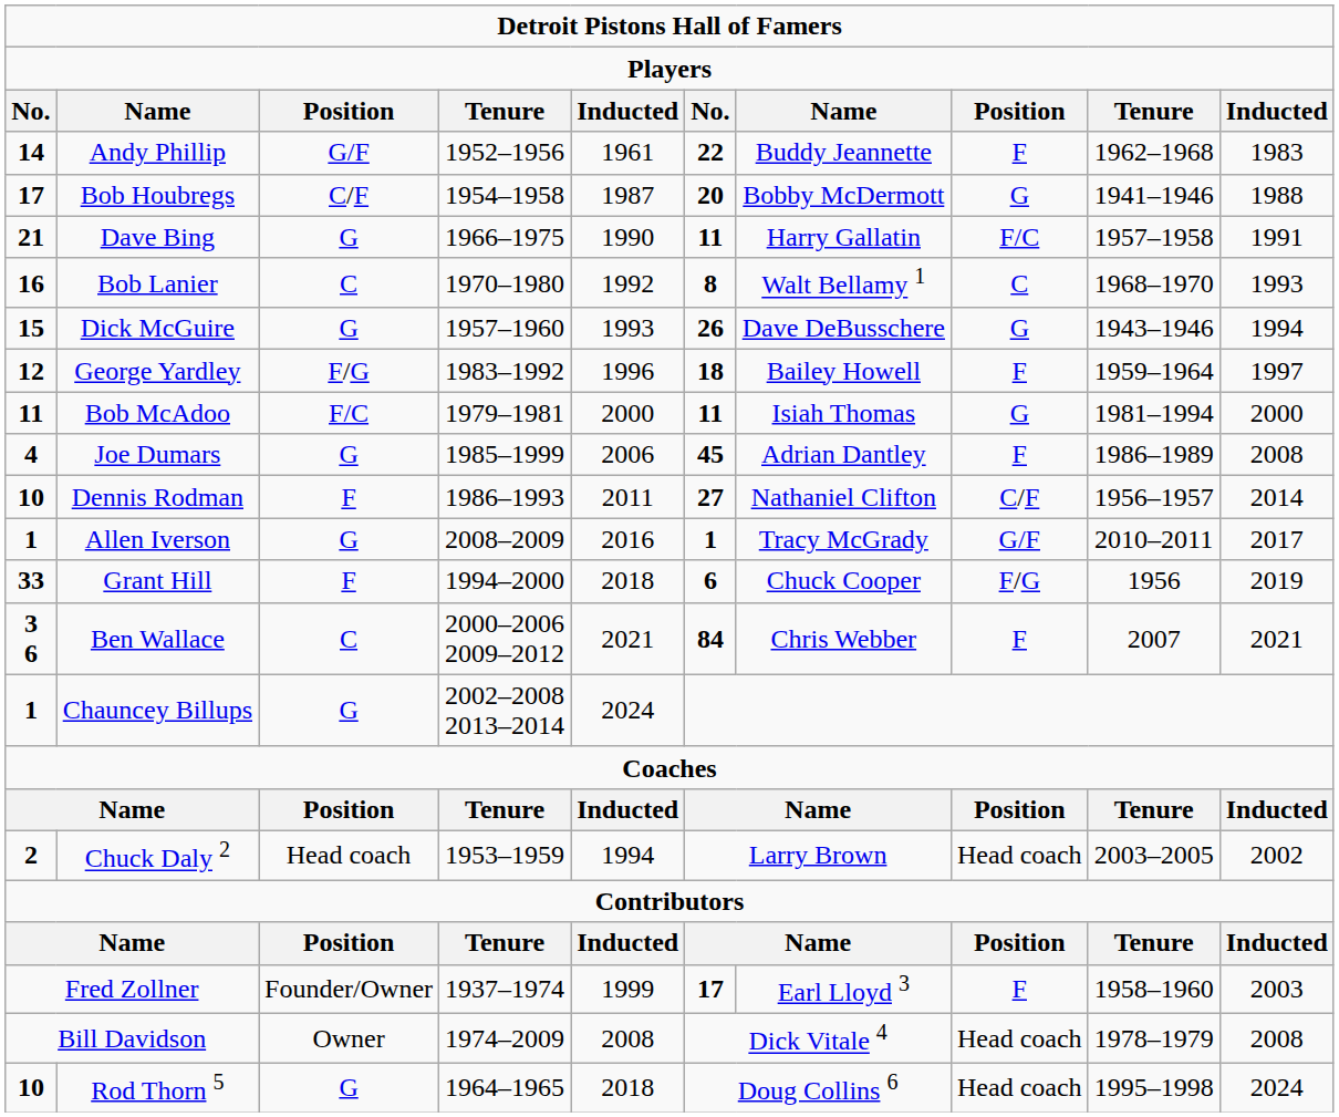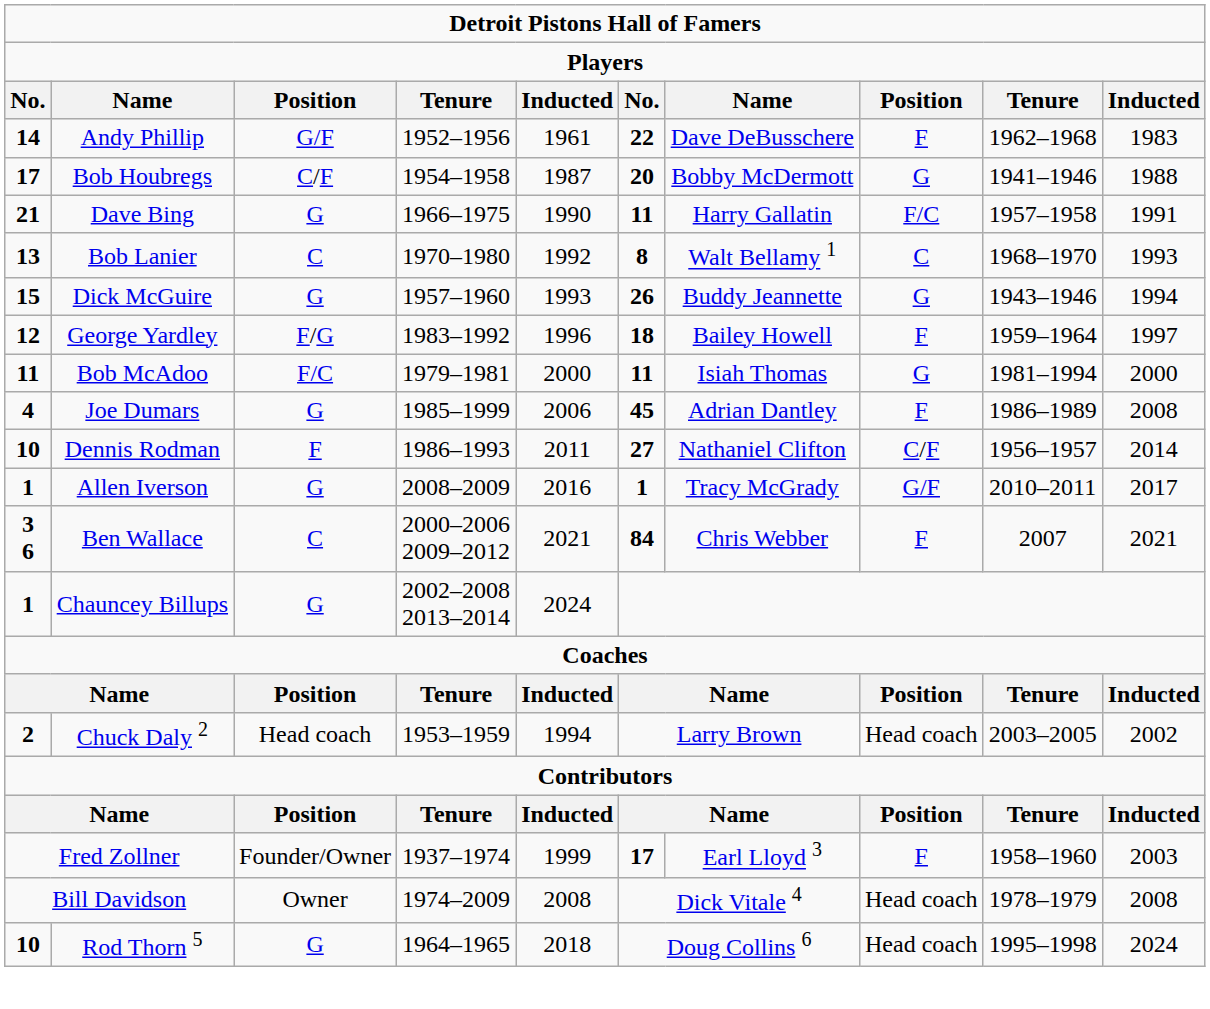 <table class="wikitable" style="text-align:center">
 <tr>
 <td colspan="10"><strong>Detroit Pistons Hall of Famers</strong></td>
 </tr>
 <tr>
 <td colspan="10"><strong>Players</strong></td>
 </tr>
 <tr>
 <th>No.</th>
 <th>Name</th>
 <th>Position</th>
 <th>Tenure</th>
 <th>Inducted</th>
 <th>No.</th>
 <th>Name</th>
 <th>Position</th>
 <th>Tenure</th>
 <th>Inducted</th>
 </tr>
 <tr>
 <td><strong>14</strong></td>
 <td><a href='#'>Andy Phillip</a></td>
 <td><a href='#'>G/F</a></td>
 <td>1952–1956</td>
 <td>1961</td>
 <td><strong>22</strong></td>
-<td><a href='#'>Buddy Jeannette</a></td>
+<td><a href='#'>Dave DeBusschere</a></td>
 <td><a href='#'>F</a></td>
 <td>1962–1968</td>
 <td>1983</td>
 </tr>
 <tr>
 <td><strong>17</strong></td>
 <td><a href='#'>Bob Houbregs</a></td>
 <td><a href='#'>C</a>/<a href='#'>F</a></td>
 <td>1954–1958</td>
 <td>1987</td>
 <td><strong>20</strong></td>
 <td><a href='#'>Bobby McDermott</a></td>
 <td><a href='#'>G</a></td>
 <td>1941–1946</td>
 <td>1988</td>
 </tr>
 <tr>
 <td><strong>21</strong></td>
 <td><a href='#'>Dave Bing</a></td>
 <td><a href='#'>G</a></td>
 <td>1966–1975</td>
 <td>1990</td>
 <td><strong>11</strong></td>
 <td><a href='#'>Harry Gallatin</a></td>
 <td><a href='#'>F/C</a></td>
 <td>1957–1958</td>
 <td>1991</td>
 </tr>
 <tr>
-<td><strong>16</strong></td>
+<td><strong>13</strong></td>
 <td><a href='#'>Bob Lanier</a></td>
 <td><a href='#'>C</a></td>
 <td>1970–1980</td>
 <td>1992</td>
 <td><strong>8</strong></td>
 <td><a href='#'>Walt Bellamy</a> <sup>1</sup></td>
 <td><a href='#'>C</a></td>
 <td>1968–1970</td>
 <td>1993</td>
 </tr>
 <tr>
 <td><strong>15</strong></td>
 <td><a href='#'>Dick McGuire</a></td>
 <td><a href='#'>G</a></td>
 <td>1957–1960</td>
 <td>1993</td>
 <td><strong>26</strong></td>
-<td><a href='#'>Dave DeBusschere</a></td>
+<td><a href='#'>Buddy Jeannette</a></td>
 <td><a href='#'>G</a></td>
 <td>1943–1946</td>
 <td>1994</td>
 </tr>
 <tr>
 <td><strong>12</strong></td>
 <td><a href='#'>George Yardley</a></td>
 <td><a href='#'>F</a>/<a href='#'>G</a></td>
 <td>1983–1992</td>
 <td>1996</td>
 <td><strong>18</strong></td>
 <td><a href='#'>Bailey Howell</a></td>
 <td><a href='#'>F</a></td>
 <td>1959–1964</td>
 <td>1997</td>
 </tr>
 <tr>
 <td><strong>11</strong></td>
 <td><a href='#'>Bob McAdoo</a></td>
 <td><a href='#'>F/C</a></td>
 <td>1979–1981</td>
 <td>2000</td>
 <td><strong>11</strong></td>
 <td><a href='#'>Isiah Thomas</a></td>
 <td><a href='#'>G</a></td>
 <td>1981–1994</td>
 <td>2000</td>
 </tr>
 <tr>
 <td><strong>4</strong></td>
 <td><a href='#'>Joe Dumars</a></td>
 <td><a href='#'>G</a></td>
 <td>1985–1999</td>
 <td>2006</td>
 <td><strong>45</strong></td>
 <td><a href='#'>Adrian Dantley</a></td>
 <td><a href='#'>F</a></td>
 <td>1986–1989</td>
 <td>2008</td>
 </tr>
 <tr>
 <td><strong>10</strong></td>
 <td><a href='#'>Dennis Rodman</a></td>
 <td><a href='#'>F</a></td>
 <td>1986–1993</td>
 <td>2011</td>
 <td><strong>27</strong></td>
 <td><a href='#'>Nathaniel Clifton</a></td>
 <td><a href='#'>C</a>/<a href='#'>F</a></td>
 <td>1956–1957</td>
 <td>2014</td>
 </tr>
 <tr>
 <td><strong>1</strong></td>
 <td><a href='#'>Allen Iverson</a></td>
 <td><a href='#'>G</a></td>
 <td>2008–2009</td>
 <td>2016</td>
 <td><strong>1</strong></td>
 <td><a href='#'>Tracy McGrady</a></td>
 <td><a href='#'>G/F</a></td>
 <td>2010–2011</td>
 <td>2017</td>
-</tr>
-<tr>
-<td><strong>33</strong></td>
-<td><a href='#'>Grant Hill</a></td>
-<td><a href='#'>F</a></td>
-<td>1994–2000</td>
-<td>2018</td>
-<td><strong>6</strong></td>
-<td><a href='#'>Chuck Cooper</a></td>
-<td><a href='#'>F</a>/<a href='#'>G</a></td>
-<td>1956</td>
-<td>2019</td>
 </tr>
 <tr>
 <td><strong>3</strong><br><strong>6</strong></td>
 <td><a href='#'>Ben Wallace</a></td>
 <td><a href='#'>C</a></td>
 <td>2000–2006<br>2009–2012</td>
 <td>2021</td>
 <td><strong>84</strong></td>
 <td><a href='#'>Chris Webber</a></td>
 <td><a href='#'>F</a></td>
 <td>2007</td>
 <td>2021</td>
 </tr>
 <tr>
 <td><strong>1</strong></td>
 <td><a href='#'>Chauncey Billups</a></td>
 <td><a href='#'>G</a></td>
 <td>2002–2008<br>2013–2014</td>
 <td>2024</td>
 </tr>
 <tr>
 <td colspan="10"><strong>Coaches</strong></td>
 </tr>
 <tr>
 <th colspan="2">Name</th>
 <th>Position</th>
 <th>Tenure</th>
 <th>Inducted</th>
 <th colspan="2">Name</th>
 <th>Position</th>
 <th>Tenure</th>
 <th>Inducted</th>
 </tr>
 <tr>
 <td><strong>2</strong></td>
 <td><a href='#'>Chuck Daly</a> <sup>2</sup></td>
 <td>Head coach</td>
 <td>1953–1959</td>
 <td>1994</td>
 <td colspan="2"><a href='#'>Larry Brown</a></td>
 <td>Head coach</td>
 <td>2003–2005</td>
 <td>2002</td>
 </tr>
 <tr>
 <td colspan="10"><strong>Contributors</strong></td>
 </tr>
 <tr>
 <th colspan="2">Name</th>
 <th>Position</th>
 <th>Tenure</th>
 <th>Inducted</th>
 <th colspan="2">Name</th>
 <th>Position</th>
 <th>Tenure</th>
 <th>Inducted</th>
 </tr>
 <tr>
 <td colspan="2"><a href='#'>Fred Zollner</a></td>
 <td>Founder/Owner</td>
 <td>1937–1974</td>
 <td>1999</td>
 <td><strong>17</strong></td>
 <td><a href='#'>Earl Lloyd</a> <sup>3</sup></td>
 <td><a href='#'>F</a></td>
 <td>1958–1960</td>
 <td>2003</td>
 </tr>
 <tr>
 <td colspan="2"><a href='#'>Bill Davidson</a></td>
 <td>Owner</td>
 <td>1974–2009</td>
 <td>2008</td>
 <td colspan="2"><a href='#'>Dick Vitale</a> <sup>4</sup></td>
 <td>Head coach</td>
 <td>1978–1979</td>
 <td>2008</td>
 </tr>
 <tr>
 <td><strong>10</strong></td>
 <td><a href='#'>Rod Thorn</a> <sup>5</sup></td>
 <td><a href='#'>G</a></td>
 <td>1964–1965</td>
 <td>2018</td>
 <td colspan="2"><a href='#'>Doug Collins</a> <sup>6</sup></td>
 <td>Head coach</td>
 <td>1995–1998</td>
 <td>2024</td>
 </tr>
 </table>
